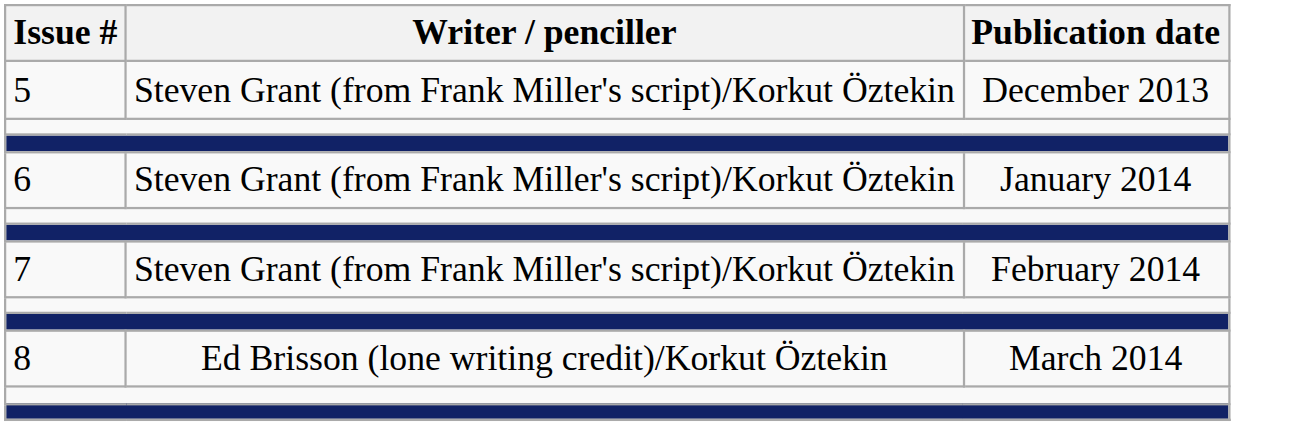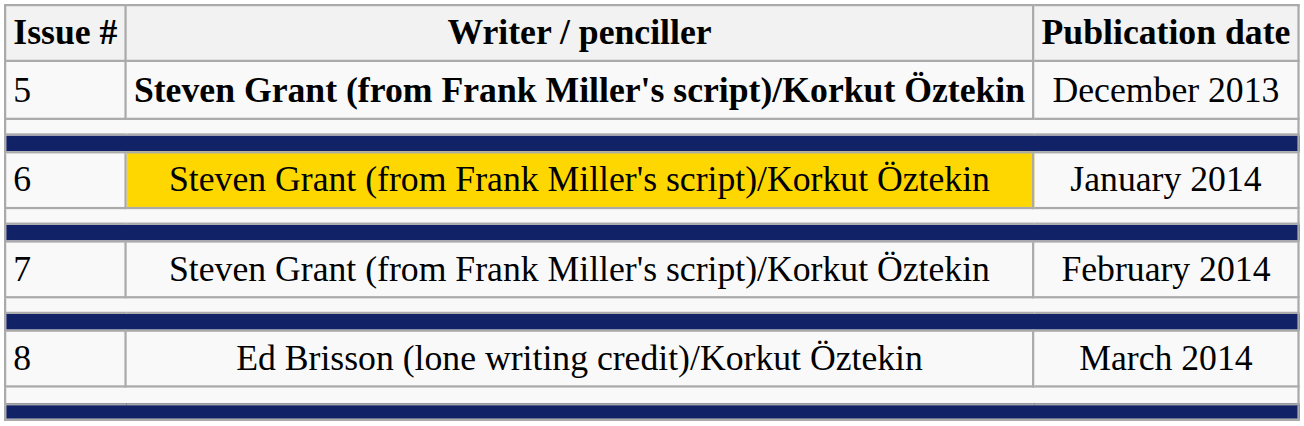 <table class="wikitable">
 <tr>
 <th>Issue #</th>
 <th>Writer / penciller</th>
 <th>Publication date</th>
 </tr>
 <tr>
 <td>5</td>
-<td align="center">Steven Grant (from Frank Miller's script)/Korkut Öztekin</td>
+<td align="center"><strong>Steven Grant (from Frank Miller's script)/Korkut Öztekin</strong></td>
 <td align="center">December 2013</td>
 </tr>
 <tr>
 <td colspan="6"></td>
 </tr>
 <tr>
 <td colspan="6" bgcolor="#112266"></td>
 </tr>
 <tr>
 <td>6</td>
-<td align="center">Steven Grant (from Frank Miller's script)/Korkut Öztekin</td>
+<td align="center" style="background: gold;">Steven Grant (from Frank Miller's script)/Korkut Öztekin</td>
 <td align="center">January 2014</td>
 </tr>
 <tr>
 <td colspan="6"></td>
 </tr>
 <tr>
 <td colspan="6" bgcolor="#112266"></td>
 </tr>
 <tr>
 <td>7</td>
 <td align="center">Steven Grant (from Frank Miller's script)/Korkut Öztekin</td>
 <td align="center">February 2014</td>
 </tr>
 <tr>
 <td colspan="6"></td>
 </tr>
 <tr>
 <td colspan="6" bgcolor="#112266"></td>
 </tr>
 <tr>
 <td>8</td>
 <td align="center">Ed Brisson (lone writing credit)/Korkut Öztekin</td>
 <td align="center">March 2014</td>
 </tr>
 <tr>
 <td colspan="6"></td>
 </tr>
 <tr>
 <td colspan="6" bgcolor="#112266"></td>
 </tr>
 <tr>
 </tr>
 </table>
